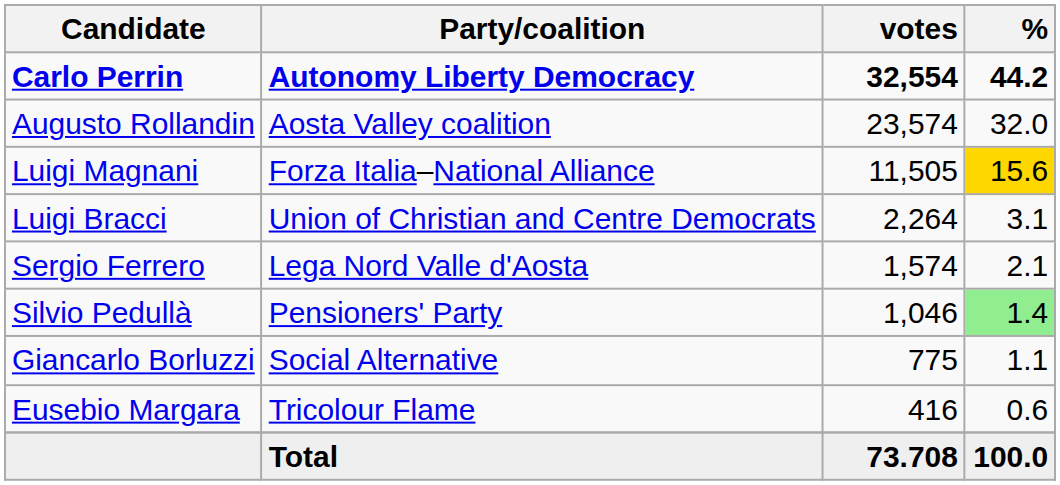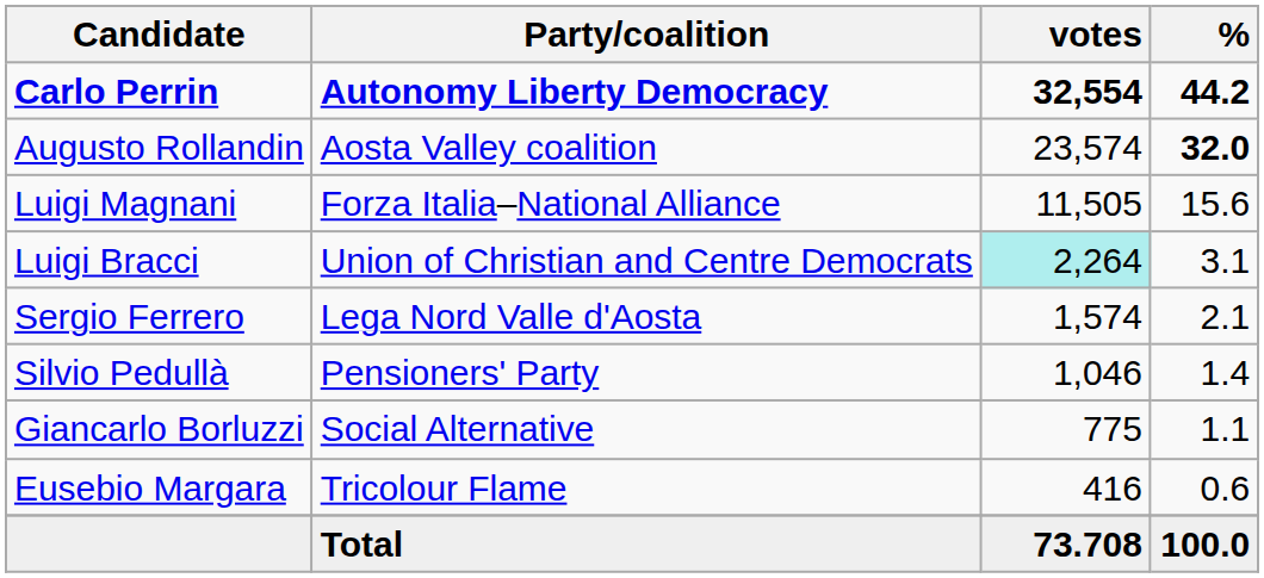 <table class="wikitable" style="font-size:95%">
 <tr bgcolor="EFEFEF">
 <th>Candidate</th>
 <th>Party/coalition</th>
 <th>      votes</th>
 <th>      %</th>
 </tr>
 <tr>
 <td><strong><a href='#'>Carlo Perrin</a></strong></td>
 <td><strong><a href='#'>Autonomy Liberty Democracy</a></strong></td>
 <td align=right><strong>32,554</strong></td>
 <td align=right><strong>44.2</strong></td>
 </tr>
 <tr>
 <td><a href='#'>Augusto Rollandin</a></td>
 <td><a href='#'>Aosta Valley coalition</a></td>
 <td align=right>23,574</td>
-<td align=right>32.0</td>
+<td align=right><strong>32.0</strong></td>
 </tr>
 <tr>
 <td><a href='#'>Luigi Magnani</a></td>
 <td><a href='#'>Forza Italia</a>–<a href='#'>National Alliance</a></td>
 <td align=right>11,505</td>
-<td align=right style="background: gold;">15.6</td>
+<td align=right>15.6</td>
 </tr>
 <tr>
 <td><a href='#'>Luigi Bracci</a></td>
 <td><a href='#'>Union of Christian and Centre Democrats</a></td>
-<td align=right>2,264</td>
+<td align=right style="background: paleturquoise;">2,264</td>
 <td align=right>3.1</td>
 </tr>
 <tr>
 <td><a href='#'>Sergio Ferrero</a></td>
 <td><a href='#'>Lega Nord Valle d'Aosta</a></td>
 <td align=right>1,574</td>
 <td align=right>2.1</td>
 </tr>
 <tr>
 <td><a href='#'>Silvio Pedullà</a></td>
 <td><a href='#'>Pensioners' Party</a></td>
 <td align=right>1,046</td>
-<td align=right style="background: lightgreen;">1.4</td>
+<td align=right>1.4</td>
 </tr>
 <tr>
 <td><a href='#'>Giancarlo Borluzzi</a></td>
 <td><a href='#'>Social Alternative</a></td>
 <td align=right>775</td>
 <td align=right>1.1</td>
 </tr>
 <tr>
 <td><a href='#'>Eusebio Margara</a></td>
 <td><a href='#'>Tricolour Flame</a></td>
 <td align=right>416</td>
 <td align=right>0.6</td>
 </tr>
 <tr>
 </tr>
 <tr bgcolor="EFEFEF">
 <td></td>
 <td><strong>Total</strong></td>
 <td align=right><strong>73.708</strong></td>
 <td align=right><strong>100.0</strong></td>
 </tr>
 </table>
